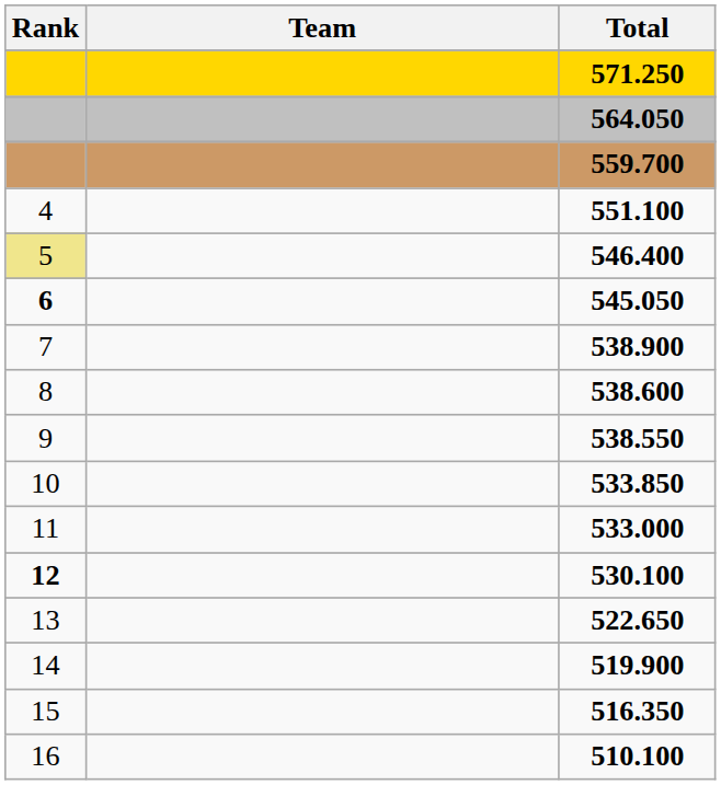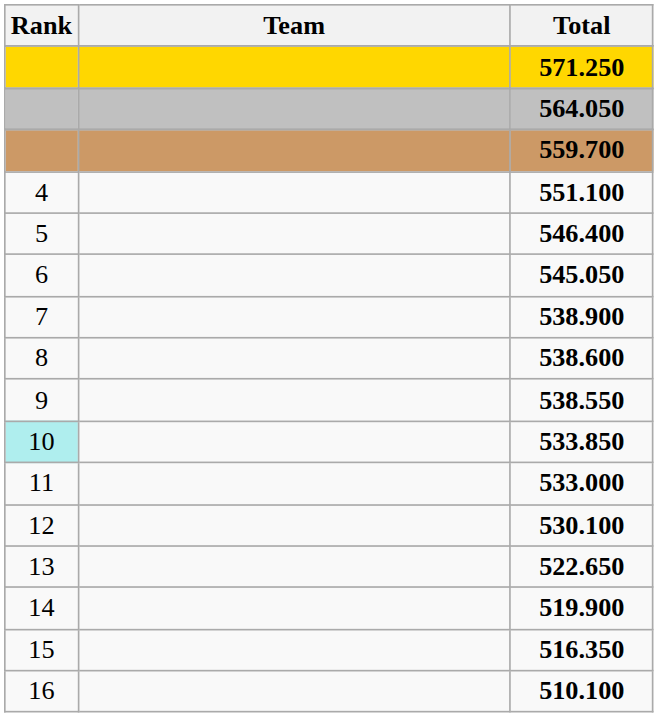 <table class="wikitable" style="text-align:center">
 <tr>
 <th>Rank</th>
 <th style="width:16em">Team</th>
 <th style="width:5em">Total</th>
 </tr>
 <tr>
 </tr>
 <tr bgcolor=gold>
 <td></td>
 <td align=left></td>
 <td><strong>571.250</strong></td>
 </tr>
 <tr>
 </tr>
 <tr bgcolor=silver>
 <td></td>
 <td align=left></td>
 <td><strong>564.050</strong></td>
 </tr>
 <tr>
 </tr>
 <tr bgcolor=#CC9966>
 <td></td>
 <td align=left></td>
 <td><strong>559.700</strong></td>
 </tr>
 <tr>
 <td>4</td>
 <td align=left></td>
 <td><strong>551.100</strong></td>
 </tr>
 <tr>
-<td style="background: khaki;">5</td>
+<td>5</td>
 <td align=left></td>
 <td><strong>546.400</strong></td>
 </tr>
 <tr>
-<td><strong>6</strong></td>
+<td>6</td>
 <td align=left></td>
 <td><strong>545.050</strong></td>
 </tr>
 <tr>
 <td>7</td>
 <td align=left></td>
 <td><strong>538.900</strong></td>
 </tr>
 <tr>
 <td>8</td>
 <td align=left></td>
 <td><strong>538.600</strong></td>
 </tr>
 <tr>
 <td>9</td>
 <td align=left></td>
 <td><strong>538.550</strong></td>
 </tr>
 <tr>
-<td>10</td>
+<td style="background: paleturquoise;">10</td>
 <td align=left></td>
 <td><strong>533.850</strong></td>
 </tr>
 <tr>
 <td>11</td>
 <td align=left></td>
 <td><strong>533.000</strong></td>
 </tr>
 <tr>
-<td><strong>12</strong></td>
+<td>12</td>
 <td align=left></td>
 <td><strong>530.100</strong></td>
 </tr>
 <tr>
 <td>13</td>
 <td align=left></td>
 <td><strong>522.650</strong></td>
 </tr>
 <tr>
 <td>14</td>
 <td align=left></td>
 <td><strong>519.900</strong></td>
 </tr>
 <tr>
 <td>15</td>
 <td align=left></td>
 <td><strong>516.350</strong></td>
 </tr>
 <tr>
 <td>16</td>
 <td align=left></td>
 <td><strong>510.100</strong></td>
 </tr>
 </table>
